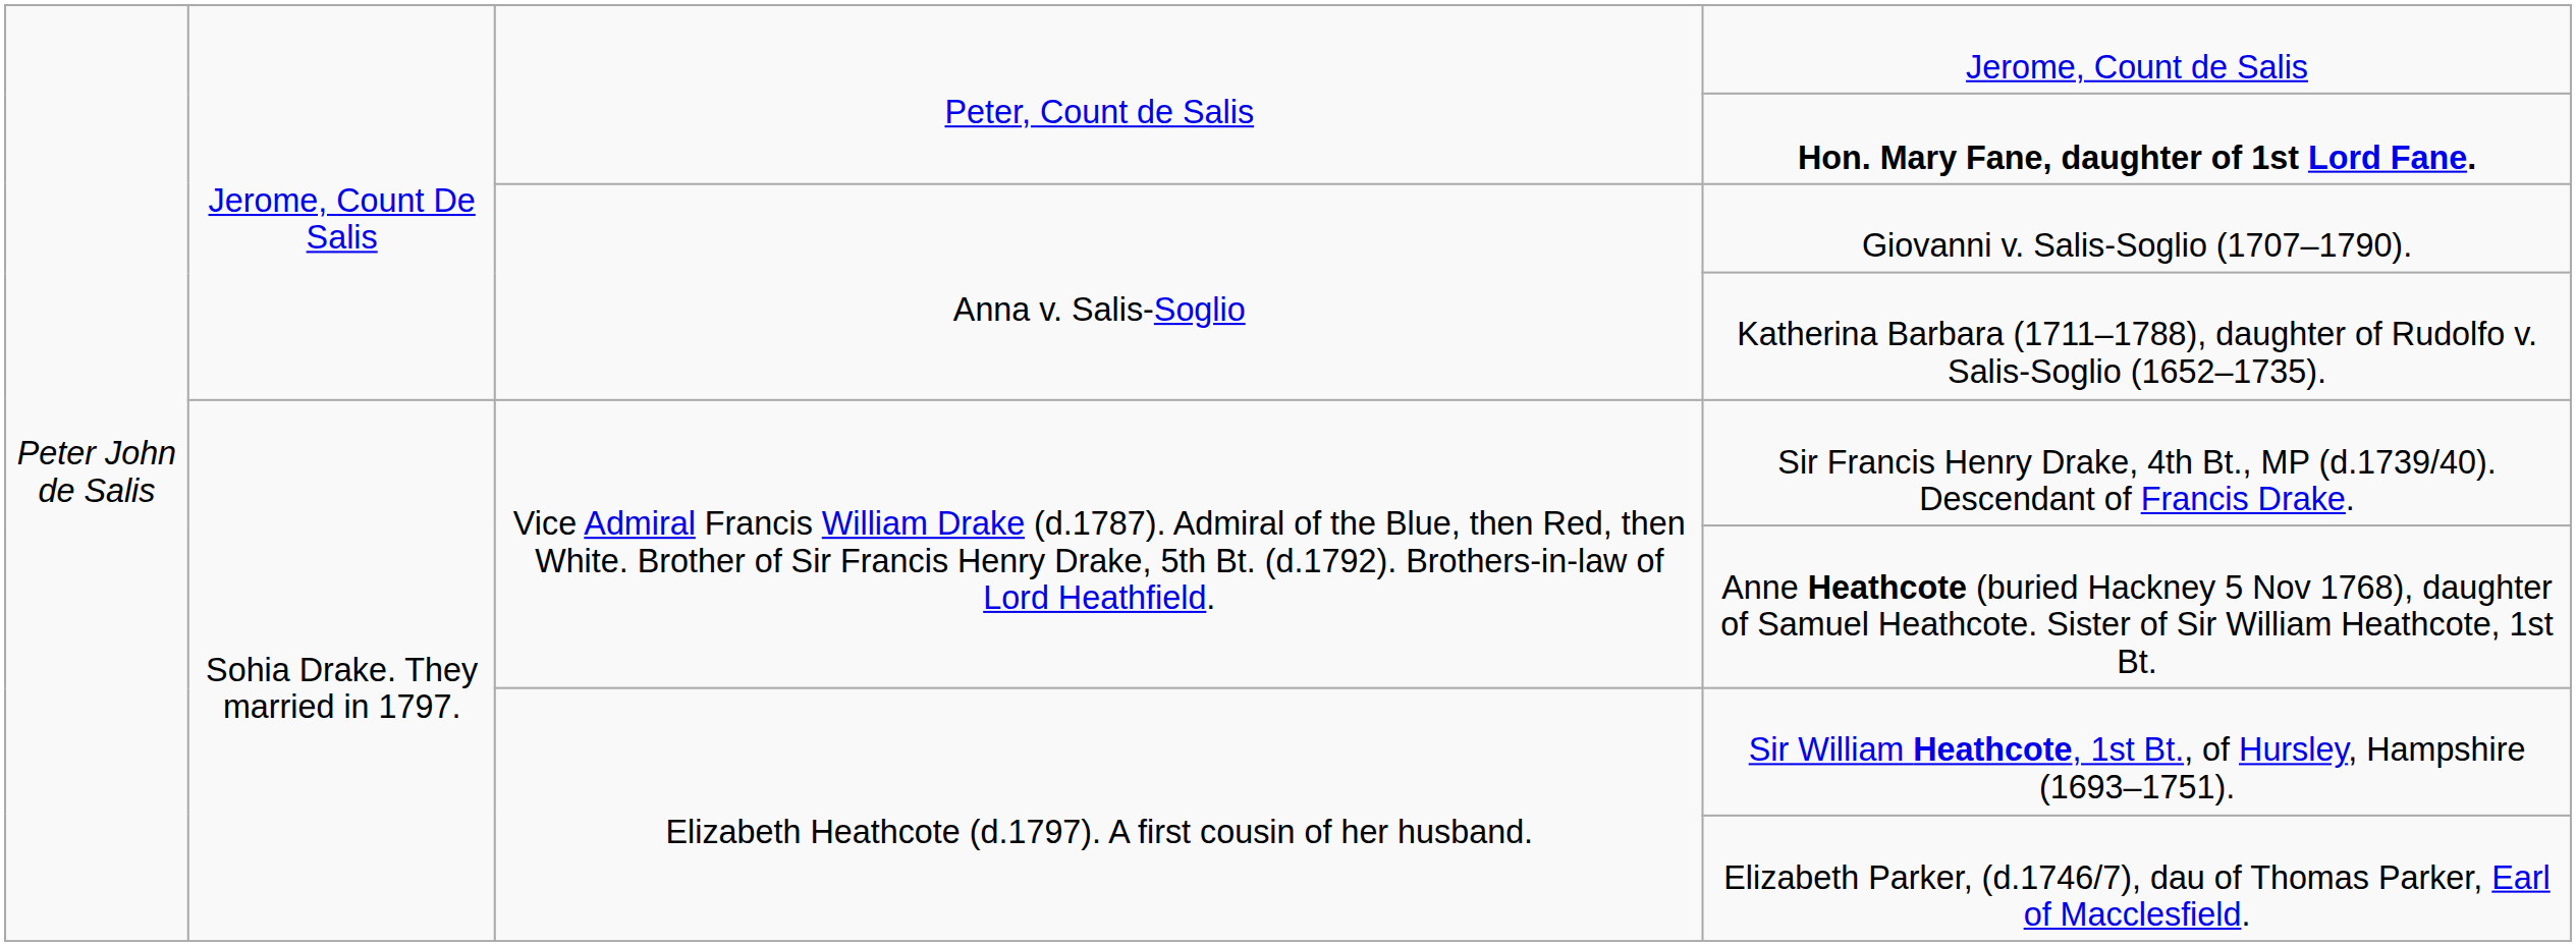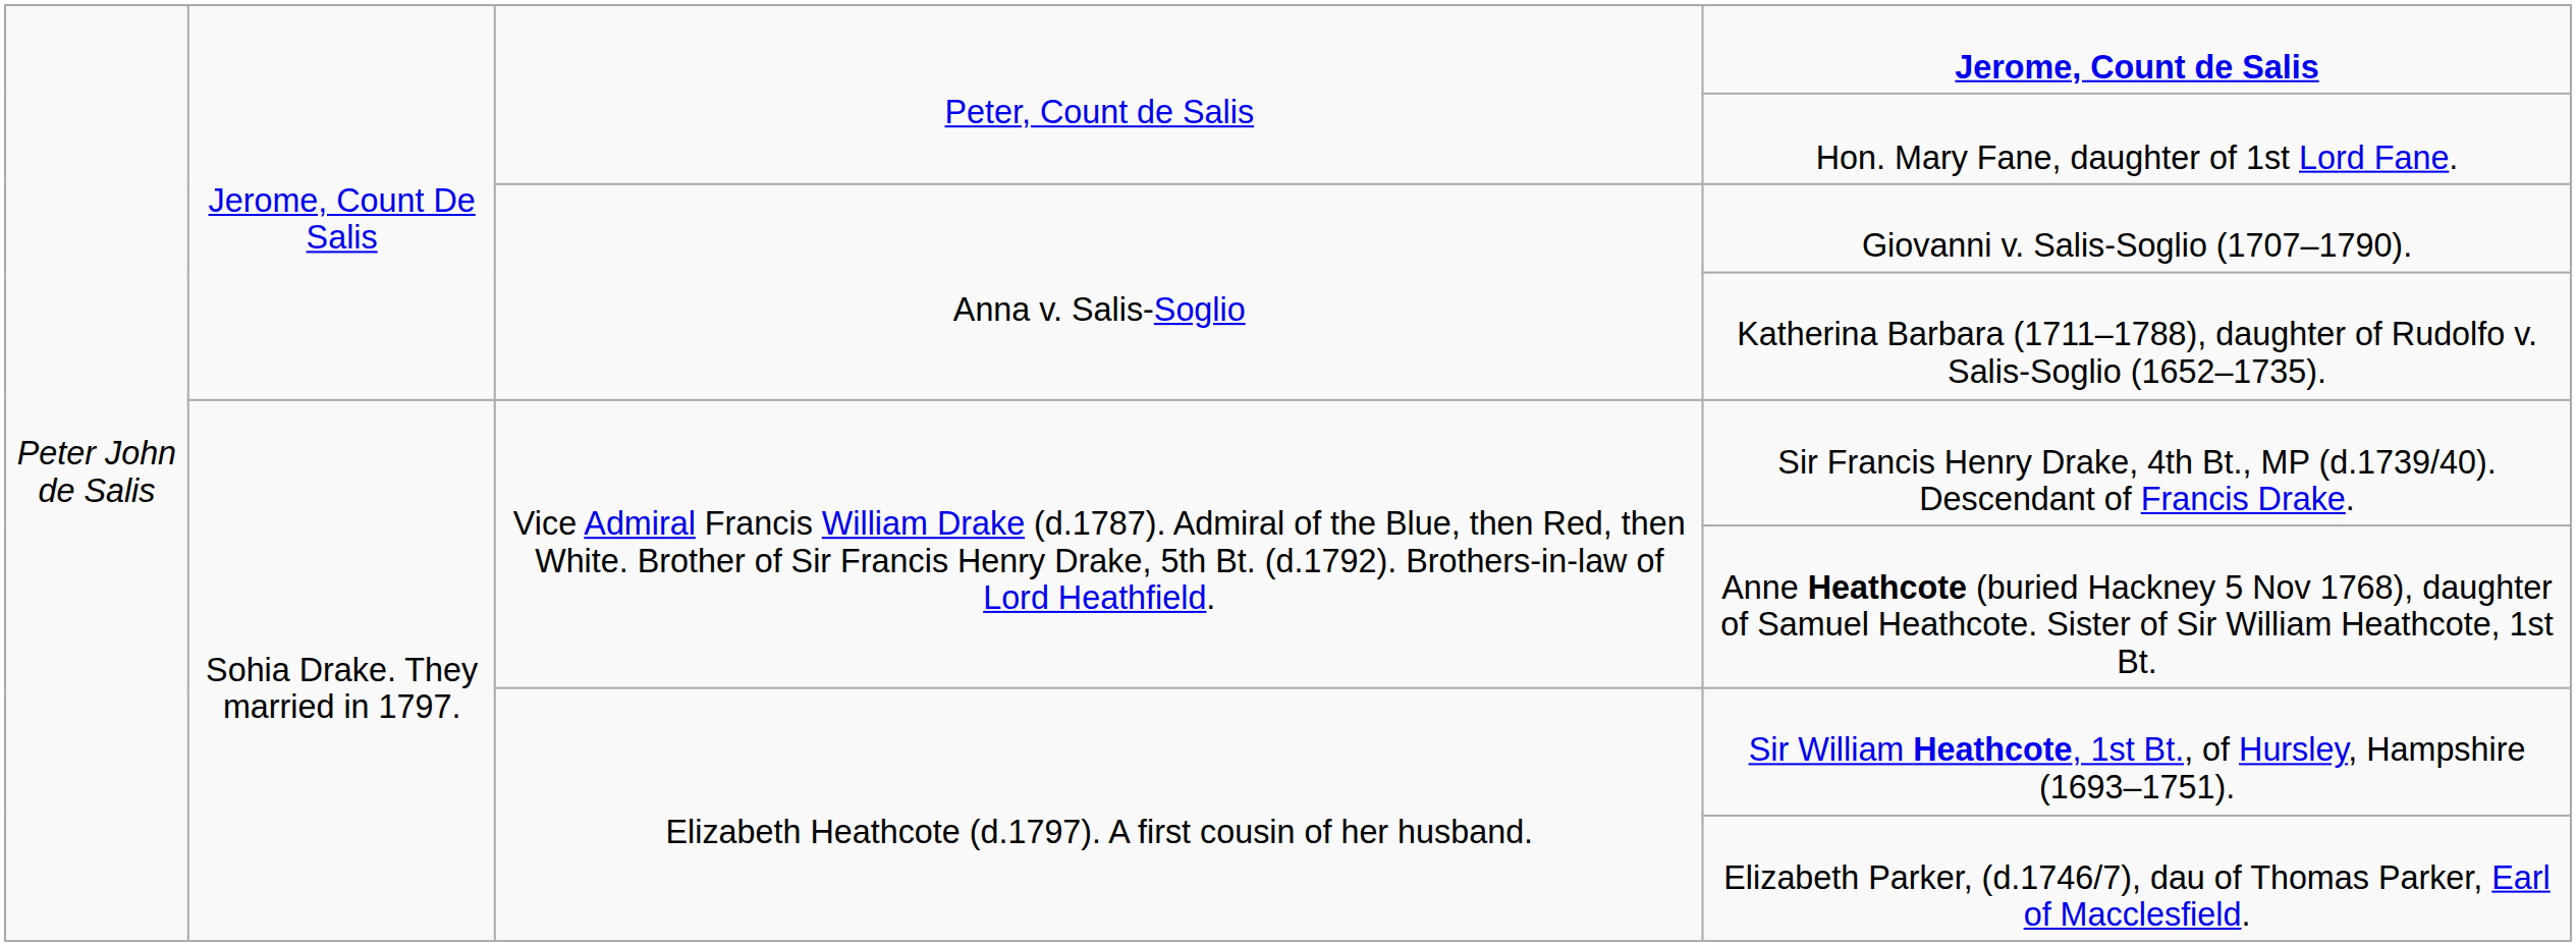 <table class="wikitable">
 <tr>
 </tr>
 <tr>
 <td rowspan="8" align="center"><em>Peter John de Salis</em></td>
 <td rowspan="4" align="center"><br><a href='#'>Jerome, Count De Salis</a></td>
 <td rowspan="2" align="center"><br><a href='#'>Peter, Count de Salis</a></td>
-<td align="center"><br><a href='#'>Jerome, Count de Salis</a></td>
+<td align="center"><strong><br><a href='#'>Jerome, Count de Salis</a></strong></td>
 </tr>
 <tr>
-<td align="center"><strong><br>Hon. Mary Fane, daughter of 1st <a href='#'>Lord Fane</a>.</strong></td>
+<td align="center"><br>Hon. Mary Fane, daughter of 1st <a href='#'>Lord Fane</a>.</td>
 </tr>
 <tr>
 <td rowspan="2" align="center"><br>Anna v. Salis-<a href='#'>Soglio</a></td>
 <td align="center"><br>Giovanni v. Salis-Soglio (1707–1790).</td>
 </tr>
 <tr>
 <td align="center"><br> Katherina Barbara (1711–1788), daughter of Rudolfo v. Salis-Soglio (1652–1735).</td>
 </tr>
 <tr>
 <td rowspan="4" align="center"><br>Sohia Drake. They married in 1797.</td>
 <td rowspan="2" align="center"><br>Vice <a href='#'>Admiral</a> Francis <a href='#'>William Drake</a> (d.1787). Admiral of the Blue, then Red, then White. Brother of Sir Francis Henry Drake, 5th Bt. (d.1792). Brothers-in-law of <a href='#'>Lord Heathfield</a>.</td>
 <td align="center"><br>Sir Francis Henry Drake, 4th Bt., MP (d.1739/40). Descendant of <a href='#'>Francis Drake</a>.</td>
 </tr>
 <tr>
 <td align="center"><br>Anne <strong>Heathcote</strong> (buried Hackney 5 Nov 1768), daughter of Samuel Heathcote. Sister of Sir William Heathcote, 1st Bt.</td>
 </tr>
 <tr>
 <td rowspan="2" align="center"><br>Elizabeth Heathcote (d.1797). A first cousin of her husband.</td>
 <td align="center"><br><a href='#'>Sir William <strong>Heathcote</strong>, 1st Bt.</a>, of <a href='#'>Hursley</a>, Hampshire (1693–1751).</td>
 </tr>
 <tr>
 <td align="center"><br>Elizabeth Parker, (d.1746/7), dau of Thomas Parker, <a href='#'>Earl of Macclesfield</a>.</td>
 </tr>
 </table>
